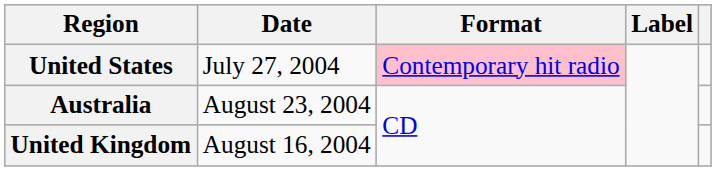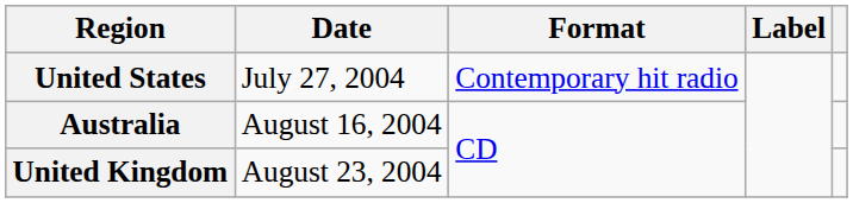 <table class="wikitable plainrowheaders">
 <tr>
 <th scope="col">Region</th>
 <th scope="col">Date</th>
 <th scope="col">Format</th>
 <th scope="col">Label</th>
 <th scope="col"></th>
 </tr>
 <tr>
 <th scope="row">United States</th>
 <td>July 27, 2004</td>
-<td style="background: pink;"><a href='#'>Contemporary hit radio</a></td>
+<td><a href='#'>Contemporary hit radio</a></td>
 <td rowspan="3"></td>
 <td></td>
 </tr>
 <tr>
 <th scope="row">Australia</th>
-<td>August 23, 2004</td>
+<td>August 16, 2004</td>
 <td rowspan="2"><a href='#'>CD</a></td>
 <td></td>
 </tr>
 <tr>
 <th scope="row">United Kingdom</th>
-<td>August 16, 2004</td>
+<td>August 23, 2004</td>
 <td></td>
 </tr>
 </table>
